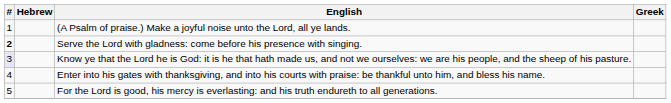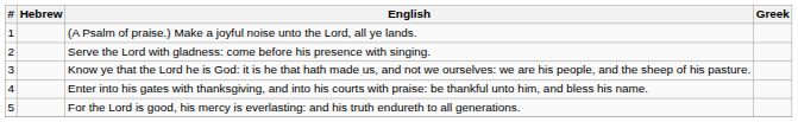 <table class=wikitable>
 <tr>
 <th>#</th>
 <th>Hebrew</th>
 <th>English</th>
 <th>Greek</th>
 </tr>
 <tr>
 <td style="text-align:right">1</td>
 <td style="text-align:right"></td>
 <td>(A Psalm of praise.) Make a joyful noise unto the Lord, all ye lands.</td>
 <td></td>
 </tr>
 <tr>
-<td style="text-align:right"><strong>2</strong></td>
+<td style="text-align:right">2</td>
 <td style="text-align:right"></td>
 <td>Serve the Lord with gladness: come before his presence with singing.</td>
 <td></td>
 </tr>
 <tr>
-<td style="background: lavender; text-align:right">3</td>
+<td style="text-align:right">3</td>
 <td style="text-align:right"></td>
 <td>Know ye that the Lord he is God: it is he that hath made us, and not we ourselves: we are his people, and the sheep of his pasture.</td>
 <td></td>
 </tr>
 <tr>
 <td style="text-align:right">4</td>
 <td style="text-align:right"></td>
 <td>Enter into his gates with thanksgiving, and into his courts with praise: be thankful unto him, and bless his name.</td>
 <td></td>
 </tr>
 <tr>
 <td style="text-align:right">5</td>
 <td style="text-align:right"></td>
 <td>For the Lord is good, his mercy is everlasting: and his truth endureth to all generations.</td>
 <td></td>
 </tr>
 <tr>
 </tr>
 </table>
